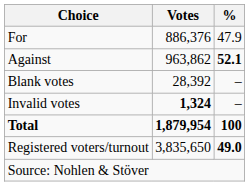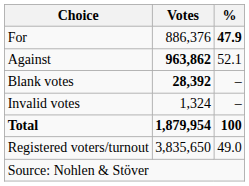 <table class=wikitable style=text-align:right>
 <tr>
 <th>Choice</th>
 <th>Votes</th>
 <th>%</th>
 </tr>
 <tr>
 <td align=left>For</td>
 <td>886,376</td>
-<td>47.9</td>
+<td><strong>47.9</strong></td>
 </tr>
 <tr>
 <td align=left>Against</td>
-<td>963,862</td>
-<td><strong>52.1</strong></td>
+<td><strong>963,862</strong></td>
+<td>52.1</td>
 </tr>
 <tr>
 <td align=left>Blank votes</td>
-<td>28,392</td>
+<td><strong>28,392</strong></td>
 <td>–</td>
 </tr>
 <tr>
 <td align=left>Invalid votes</td>
-<td><strong>1,324</strong></td>
+<td>1,324</td>
 <td>–</td>
 </tr>
 <tr>
 <td align=left><strong>Total</strong></td>
 <td><strong>1,879,954</strong></td>
 <td><strong>100</strong></td>
 </tr>
 <tr>
 <td align=left>Registered voters/turnout</td>
 <td>3,835,650</td>
-<td><strong>49.0</strong></td>
+<td>49.0</td>
 </tr>
 <tr>
 <td align=left colspan=11>Source: Nohlen & Stöver</td>
 </tr>
 </table>
